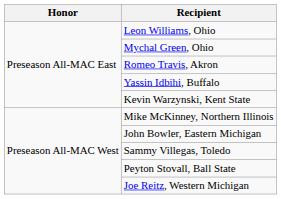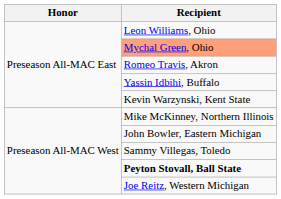 <table class="wikitable" border="1">
 <tr>
 <th>Honor</th>
 <th>Recipient</th>
 </tr>
 <tr>
 <td rowspan=5 valign=middle>Preseason All-MAC East</td>
 <td><a href='#'>Leon Williams</a>, Ohio</td>
 </tr>
 <tr>
-<td><a href='#'>Mychal Green</a>, Ohio</td>
+<td style="background: lightsalmon;"><a href='#'>Mychal Green</a>, Ohio</td>
 </tr>
 <tr>
 <td><a href='#'>Romeo Travis</a>, Akron</td>
 </tr>
 <tr>
 <td><a href='#'>Yassin Idbihi</a>, Buffalo</td>
 </tr>
 <tr>
 <td>Kevin Warzynski, Kent State</td>
 </tr>
 <tr>
 <td rowspan=5 valign=middle>Preseason All-MAC West</td>
 <td>Mike McKinney, Northern Illinois</td>
 </tr>
 <tr>
 <td>John Bowler, Eastern Michigan</td>
 </tr>
 <tr>
 <td>Sammy Villegas, Toledo</td>
 </tr>
 <tr>
-<td>Peyton Stovall, Ball State</td>
+<td><strong>Peyton Stovall, Ball State</strong></td>
 </tr>
 <tr>
 <td><a href='#'>Joe Reitz</a>, Western Michigan</td>
 </tr>
 </table>
